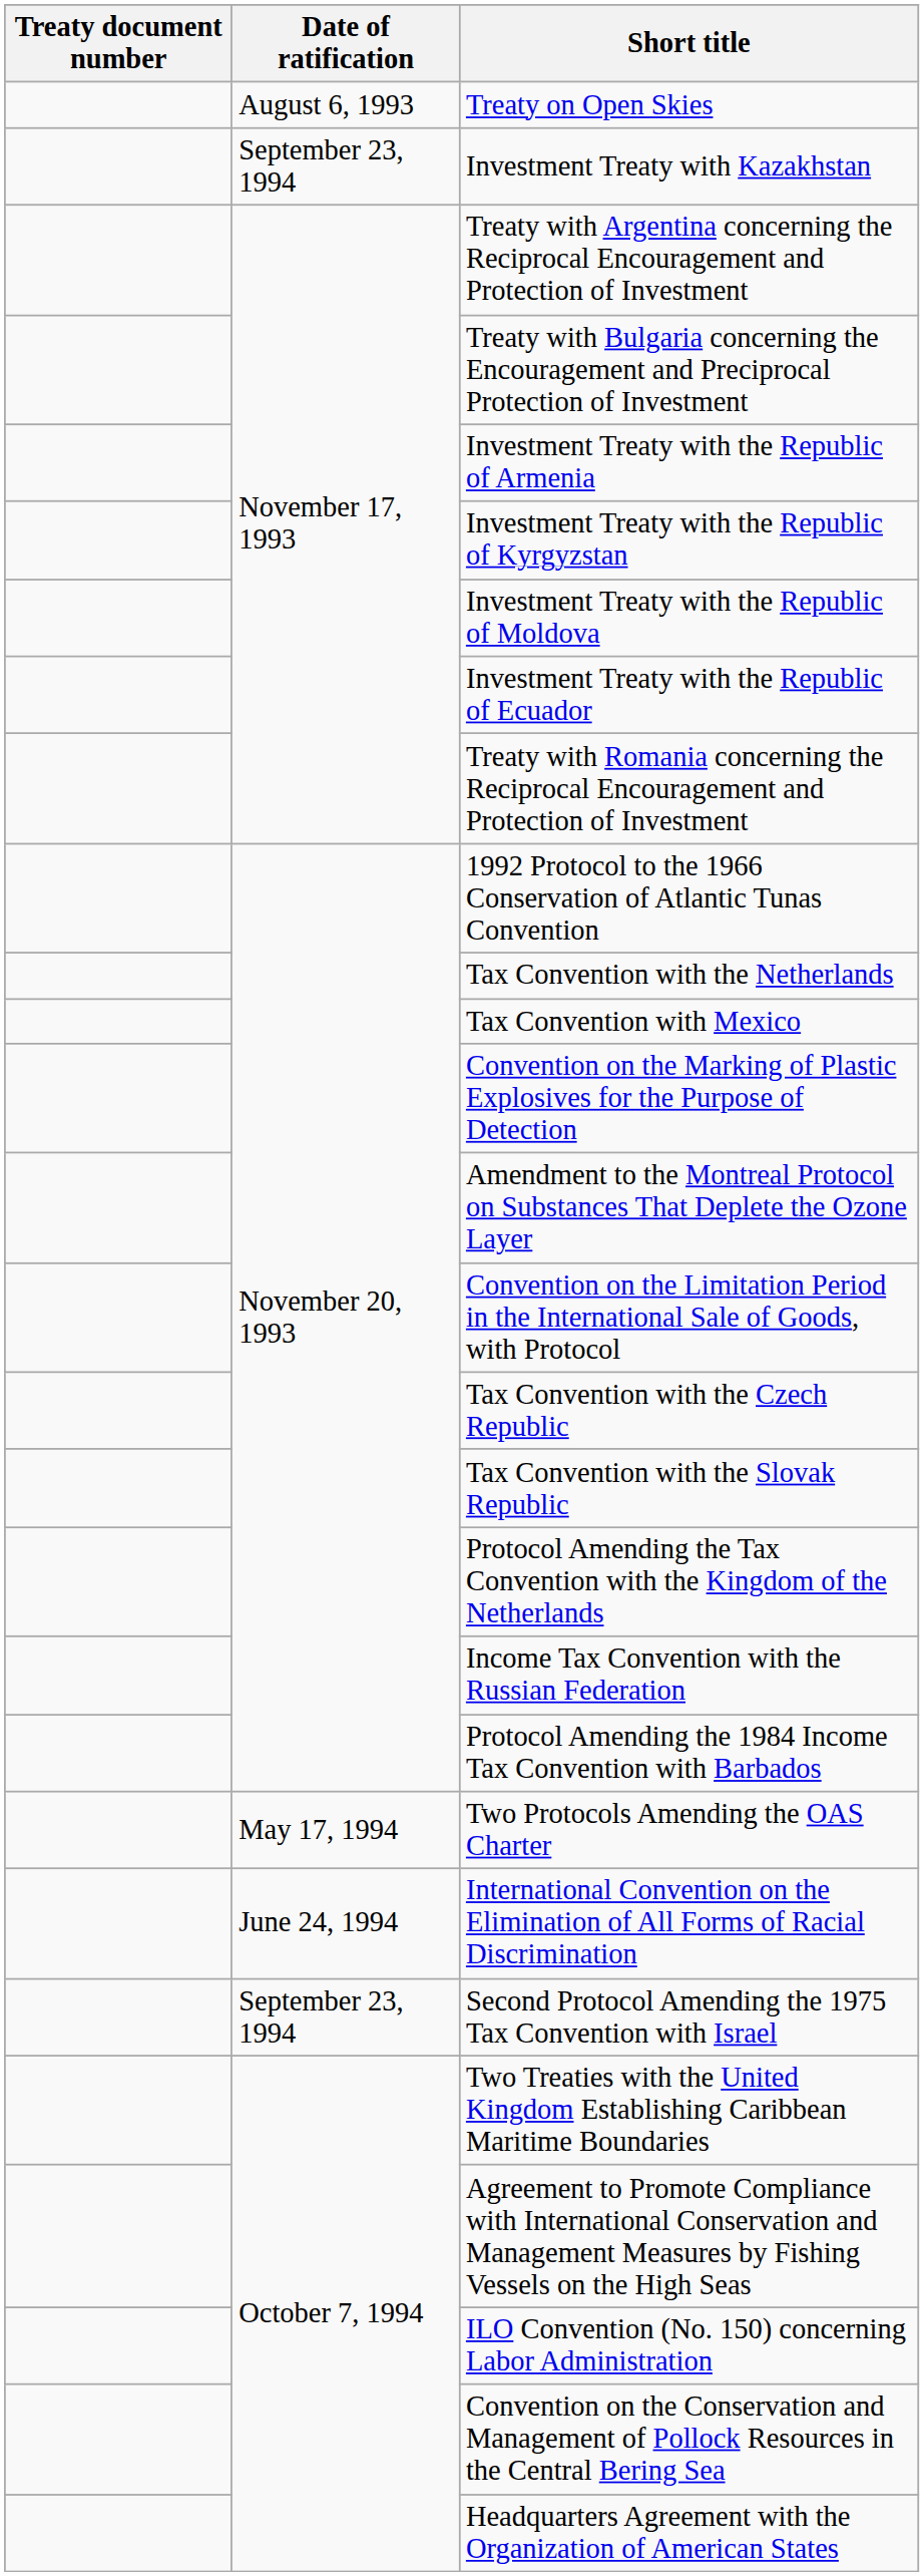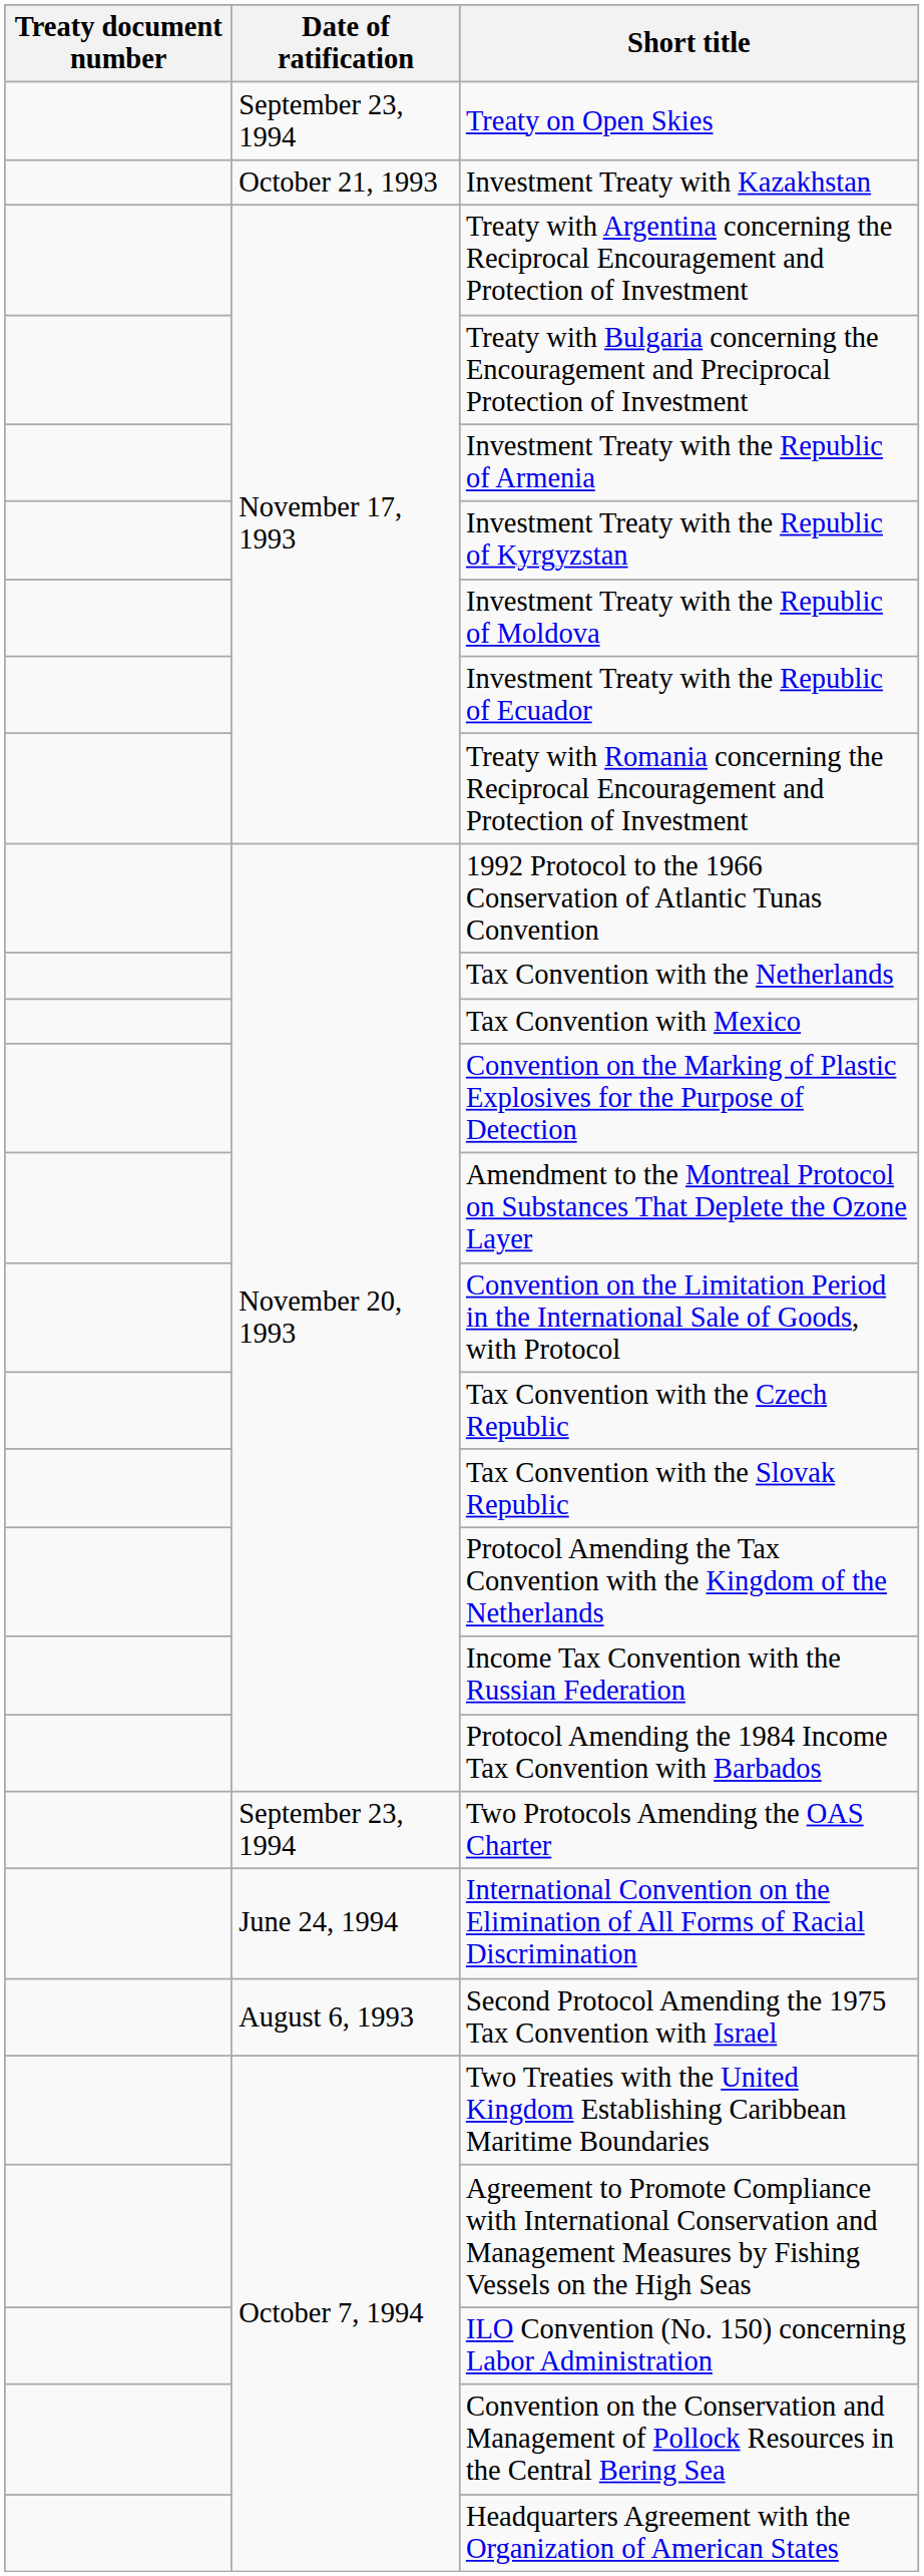 <table class="wikitable">
 <tr>
 <th style="width: 120px">Treaty document number</th>
 <th style="width: 120px">Date of ratification</th>
 <th style="width: 250px; valign: bottom">Short title</th>
 </tr>
 <tr>
 <td></td>
-<td>August 6, 1993</td>
+<td>September 23, 1994</td>
 <td><a href='#'>Treaty on Open Skies</a></td>
 </tr>
 <tr>
 <td></td>
-<td>September 23, 1994</td>
+<td>October 21, 1993</td>
 <td>Investment Treaty with <a href='#'>Kazakhstan</a></td>
 </tr>
 <tr>
 <td></td>
 <td rowspan="7">November 17, 1993</td>
 <td>Treaty with <a href='#'>Argentina</a> concerning the Reciprocal Encouragement and Protection of Investment</td>
 </tr>
 <tr>
 <td></td>
 <td>Treaty with <a href='#'>Bulgaria</a> concerning the Encouragement and Preciprocal Protection of Investment</td>
 </tr>
 <tr>
 <td></td>
 <td>Investment Treaty with the <a href='#'>Republic of Armenia</a></td>
 </tr>
 <tr>
 <td></td>
 <td>Investment Treaty with the <a href='#'>Republic of Kyrgyzstan</a></td>
 </tr>
 <tr>
 <td></td>
 <td>Investment Treaty with the <a href='#'>Republic of Moldova</a></td>
 </tr>
 <tr>
 <td></td>
 <td>Investment Treaty with the <a href='#'>Republic of Ecuador</a></td>
 </tr>
 <tr>
 <td></td>
 <td>Treaty with <a href='#'>Romania</a> concerning the Reciprocal Encouragement and Protection of Investment</td>
 </tr>
 <tr>
 <td></td>
 <td rowspan="11">November 20, 1993</td>
 <td>1992 Protocol to the 1966 Conservation of Atlantic Tunas Convention</td>
 </tr>
 <tr>
 <td></td>
 <td>Tax Convention with the <a href='#'>Netherlands</a></td>
 </tr>
 <tr>
 <td></td>
 <td>Tax Convention with <a href='#'>Mexico</a></td>
 </tr>
 <tr>
 <td></td>
 <td><a href='#'>Convention on the Marking of Plastic Explosives for the Purpose of Detection</a></td>
 </tr>
 <tr>
 <td></td>
 <td>Amendment to the <a href='#'>Montreal Protocol on Substances That Deplete the Ozone Layer</a></td>
 </tr>
 <tr>
 <td></td>
 <td><a href='#'>Convention on the Limitation Period in the International Sale of Goods</a>, with Protocol</td>
 </tr>
 <tr>
 <td></td>
 <td>Tax Convention with the <a href='#'>Czech Republic</a></td>
 </tr>
 <tr>
 <td></td>
 <td>Tax Convention with the <a href='#'>Slovak Republic</a></td>
 </tr>
 <tr>
 <td></td>
 <td>Protocol Amending the Tax Convention with the <a href='#'>Kingdom of the Netherlands</a></td>
 </tr>
 <tr>
 <td></td>
 <td>Income Tax Convention with the <a href='#'>Russian Federation</a></td>
 </tr>
 <tr>
 <td></td>
 <td>Protocol Amending the 1984 Income Tax Convention with <a href='#'>Barbados</a></td>
 </tr>
 <tr>
 <td></td>
-<td>May 17, 1994</td>
+<td>September 23, 1994</td>
 <td>Two Protocols Amending the <a href='#'>OAS Charter</a></td>
 </tr>
 <tr>
 <td></td>
 <td>June 24, 1994</td>
 <td><a href='#'>International Convention on the Elimination of All Forms of Racial Discrimination</a></td>
 </tr>
 <tr>
 <td></td>
-<td>September 23, 1994</td>
+<td>August 6, 1993</td>
 <td>Second Protocol Amending the 1975 Tax Convention with <a href='#'>Israel</a></td>
 </tr>
 <tr>
 <td></td>
 <td rowspan="5">October 7, 1994</td>
 <td>Two Treaties with the <a href='#'>United Kingdom</a> Establishing Caribbean Maritime Boundaries</td>
 </tr>
 <tr>
 <td></td>
 <td>Agreement to Promote Compliance with International Conservation and Management Measures by Fishing Vessels on the High Seas</td>
 </tr>
 <tr>
 <td></td>
 <td><a href='#'>ILO</a> Convention (No. 150) concerning <a href='#'>Labor Administration</a></td>
 </tr>
 <tr>
 <td></td>
 <td>Convention on the Conservation and Management of <a href='#'>Pollock</a> Resources in the Central <a href='#'>Bering Sea</a></td>
 </tr>
 <tr>
 <td></td>
 <td>Headquarters Agreement with the <a href='#'>Organization of American States</a></td>
 </tr>
 </table>
